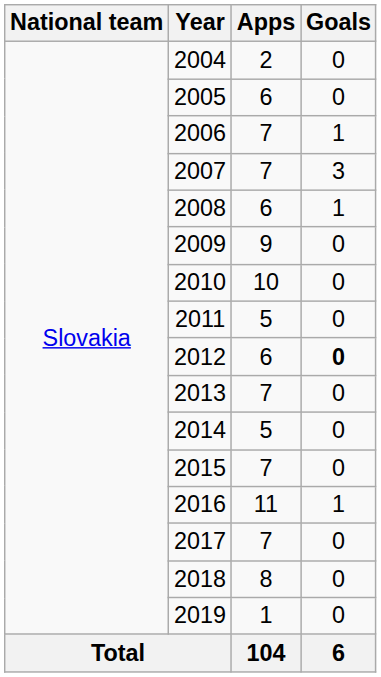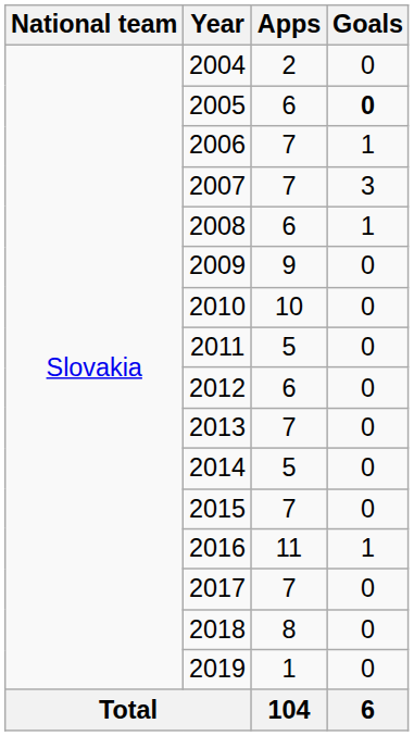 <table class=wikitable style=text-align:center>
 <tr>
 <th>National team</th>
 <th>Year</th>
 <th>Apps</th>
 <th>Goals</th>
 </tr>
 <tr>
 <td rowspan="16"><a href='#'>Slovakia</a></td>
 <td>2004</td>
 <td>2</td>
 <td>0</td>
 </tr>
 <tr>
 <td>2005</td>
 <td>6</td>
-<td>0</td>
+<td><strong>0</strong></td>
 </tr>
 <tr>
 <td>2006</td>
 <td>7</td>
 <td>1</td>
 </tr>
 <tr>
 <td>2007</td>
 <td>7</td>
 <td>3</td>
 </tr>
 <tr>
 <td>2008</td>
 <td>6</td>
 <td>1</td>
 </tr>
 <tr>
 <td>2009</td>
 <td>9</td>
 <td>0</td>
 </tr>
 <tr>
 <td>2010</td>
 <td>10</td>
 <td>0</td>
 </tr>
 <tr>
 <td>2011</td>
 <td>5</td>
 <td>0</td>
 </tr>
 <tr>
 <td>2012</td>
 <td>6</td>
-<td><strong>0</strong></td>
+<td>0</td>
 </tr>
 <tr>
 <td>2013</td>
 <td>7</td>
 <td>0</td>
 </tr>
 <tr>
 <td>2014</td>
 <td>5</td>
 <td>0</td>
 </tr>
 <tr>
 <td>2015</td>
 <td>7</td>
 <td>0</td>
 </tr>
 <tr>
 <td>2016</td>
 <td>11</td>
 <td>1</td>
 </tr>
 <tr>
 <td>2017</td>
 <td>7</td>
 <td>0</td>
 </tr>
 <tr>
 <td>2018</td>
 <td>8</td>
 <td>0</td>
 </tr>
 <tr>
 <td>2019</td>
 <td>1</td>
 <td>0</td>
 </tr>
 <tr>
 <th colspan="2">Total</th>
 <th>104</th>
 <th>6</th>
 </tr>
 </table>
